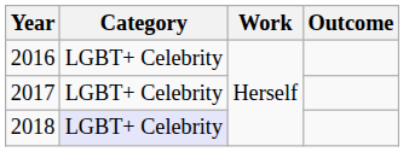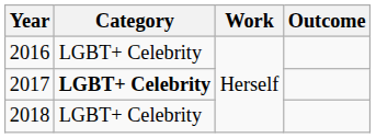 <table class="wikitable Sortable">
 <tr>
 <th>Year</th>
 <th>Category</th>
 <th>Work</th>
 <th>Outcome</th>
 </tr>
 <tr>
 <td>2016</td>
 <td>LGBT+ Celebrity</td>
 <td rowspan="3">Herself</td>
 <td></td>
 </tr>
 <tr>
 <td>2017</td>
-<td>LGBT+ Celebrity</td>
+<td><strong>LGBT+ Celebrity</strong></td>
 <td></td>
 </tr>
 <tr>
 <td>2018</td>
-<td style="background: lavender;">LGBT+ Celebrity</td>
+<td>LGBT+ Celebrity</td>
 <td></td>
 </tr>
 </table>
